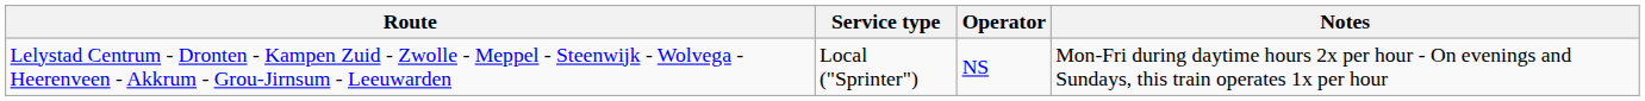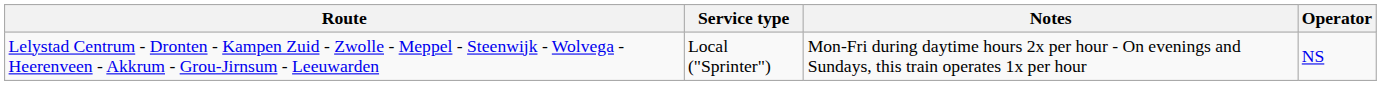 <table class="wikitable">
 <tr>
 <th>Route</th>
 <th>Service type</th>
+<th>Notes</th>
 <th>Operator</th>
-<th>Notes</th>
 </tr>
 <tr>
 <td><a href='#'>Lelystad Centrum</a> - <a href='#'>Dronten</a> - <a href='#'>Kampen Zuid</a> - <a href='#'>Zwolle</a> - <a href='#'>Meppel</a> - <a href='#'>Steenwijk</a> - <a href='#'>Wolvega</a> - <a href='#'>Heerenveen</a> - <a href='#'>Akkrum</a> - <a href='#'>Grou-Jirnsum</a> - <a href='#'>Leeuwarden</a></td>
 <td>Local ("Sprinter")</td>
+<td>Mon-Fri during daytime hours 2x per hour - On evenings and Sundays, this train operates 1x per hour</td>
 <td><a href='#'>NS</a></td>
-<td>Mon-Fri during daytime hours 2x per hour - On evenings and Sundays, this train operates 1x per hour</td>
 </tr>
 </table>
